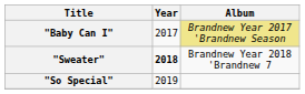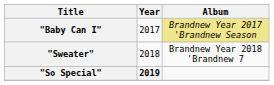 <table class="wikitable plainrowheaders" style="text-align:center;">
 <tr>
 <th scope="col" style="width:15em;">Title</th>
 <th scope="col">Year</th>
 <th scope="col" style="width:12em;">Album</th>
 </tr>
 <tr>
 <th scope="row">"Baby Can I"  <br></th>
 <td>2017</td>
 <td style="background: khaki;"><em>Brandnew Year 2017 <br>'Brandnew Season<strong></td>
 </tr>
 <tr>
 <th scope="row">"Sweater"  <br></th>
-<td><strong>2018</strong></td>
+<td>2018</td>
 <td></em>Brandnew Year 2018 <br>'Brandnew 7</strong></td>
 </tr>
 <tr>
 <th scope="row">"So Special"  <br></th>
-<td>2019</td>
+<td><strong>2019</strong></td>
 <td></td>
 </tr>
 <tr>
 </tr>
 </table>
